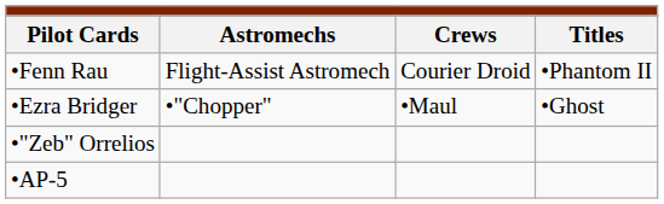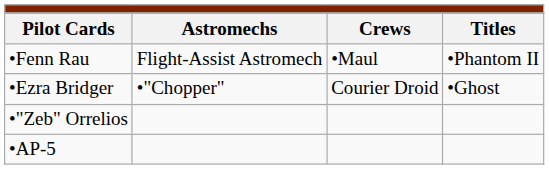 <table class="wikitable sortable">
 <tr style="background:#802200;">
 <td colspan="5"></td>
 </tr>
 <tr style="background:#f0f0f0;">
 </tr>
 <tr>
 <th>Pilot Cards</th>
 <th>Astromechs</th>
 <th>Crews</th>
 <th>Titles</th>
 </tr>
 <tr>
 <td>•Fenn Rau</td>
 <td>Flight-Assist Astromech</td>
-<td>Courier Droid</td>
+<td>•Maul</td>
 <td>•Phantom II</td>
 </tr>
 <tr>
 <td>•Ezra Bridger</td>
 <td>•"Chopper"</td>
-<td>•Maul</td>
+<td>Courier Droid</td>
 <td>•Ghost</td>
 </tr>
 <tr>
 <td>•"Zeb" Orrelios</td>
 <td></td>
 <td></td>
 <td></td>
 </tr>
 <tr>
 <td>•AP-5</td>
 <td></td>
 <td></td>
 <td></td>
 </tr>
 </table>
